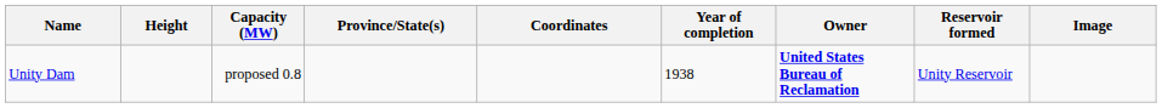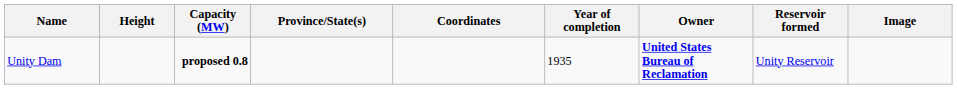 <table class="wikitable sortable" border="1">
 <tr>
 <th width="10%">Name</th>
 <th width="8%">Height</th>
 <th width="8%">Capacity (<a href='#'>MW</a>)</th>
 <th width="15%">Province/State(s)</th>
 <th width="16%">Coordinates</th>
 <th width="10%">Year of completion</th>
 <th width="12%">Owner</th>
 <th width="10%">Reservoir formed</th>
 <th>Image</th>
 </tr>
 <tr>
 <td><a href='#'>Unity Dam</a></td>
 <td></td>
-<td align="right">proposed 0.8</td>
+<td align="right"><strong>proposed 0.8</strong></td>
 <td></td>
 <td></td>
-<td>1938</td>
+<td>1935</td>
 <td><strong><a href='#'>United States Bureau of Reclamation</a></strong></td>
 <td><a href='#'>Unity Reservoir</a></td>
 <td></td>
 </tr>
 </table>
